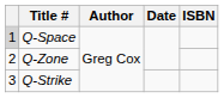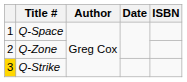 <table class="wikitable">
 <tr>
 <th></th>
 <th>Title #</th>
 <th>Author</th>
 <th>Date</th>
 <th>ISBN</th>
 </tr>
 <tr>
-<td style="background: lightgrey;">1</td>
+<td>1</td>
 <td><em>Q-Space</em></td>
 <td rowspan="3">Greg Cox</td>
 <td rowspan="2"></td>
 <td></td>
 </tr>
 <tr>
 <td>2</td>
 <td><em>Q-Zone</em></td>
 <td></td>
 </tr>
 <tr>
-<td>3</td>
+<td style="background: gold;">3</td>
 <td><em>Q-Strike</em></td>
 <td></td>
 <td></td>
 </tr>
 </table>
